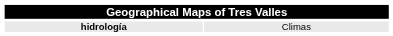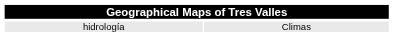 <table class="toc" cellpadding=0 cellspacing=2 width=600px style="margin: auto; padding: 0.5em; text-align:left; clear:all; font-size:90%">
 <tr>
 <td colspan=2 style="background:#black; color:white; font-size:120%" align=center bgcolor="black"><strong>Geographical Maps of Tres Valles</strong></td>
 </tr>
 <tr>
 <td align=center valign=center bgcolor="white" width=300px></td>
 <td align=center valign=center bgcolor="white"></td>
 </tr>
 <tr>
-<td style="background:#e9e9e9;" align=center><strong>hidrología</strong></td>
+<td style="background:#e9e9e9;" align=center>hidrología</td>
 <td style="background:#e9e9e9;" align=center>Climas</td>
 </tr>
 <tr>
 </tr>
 </table>
